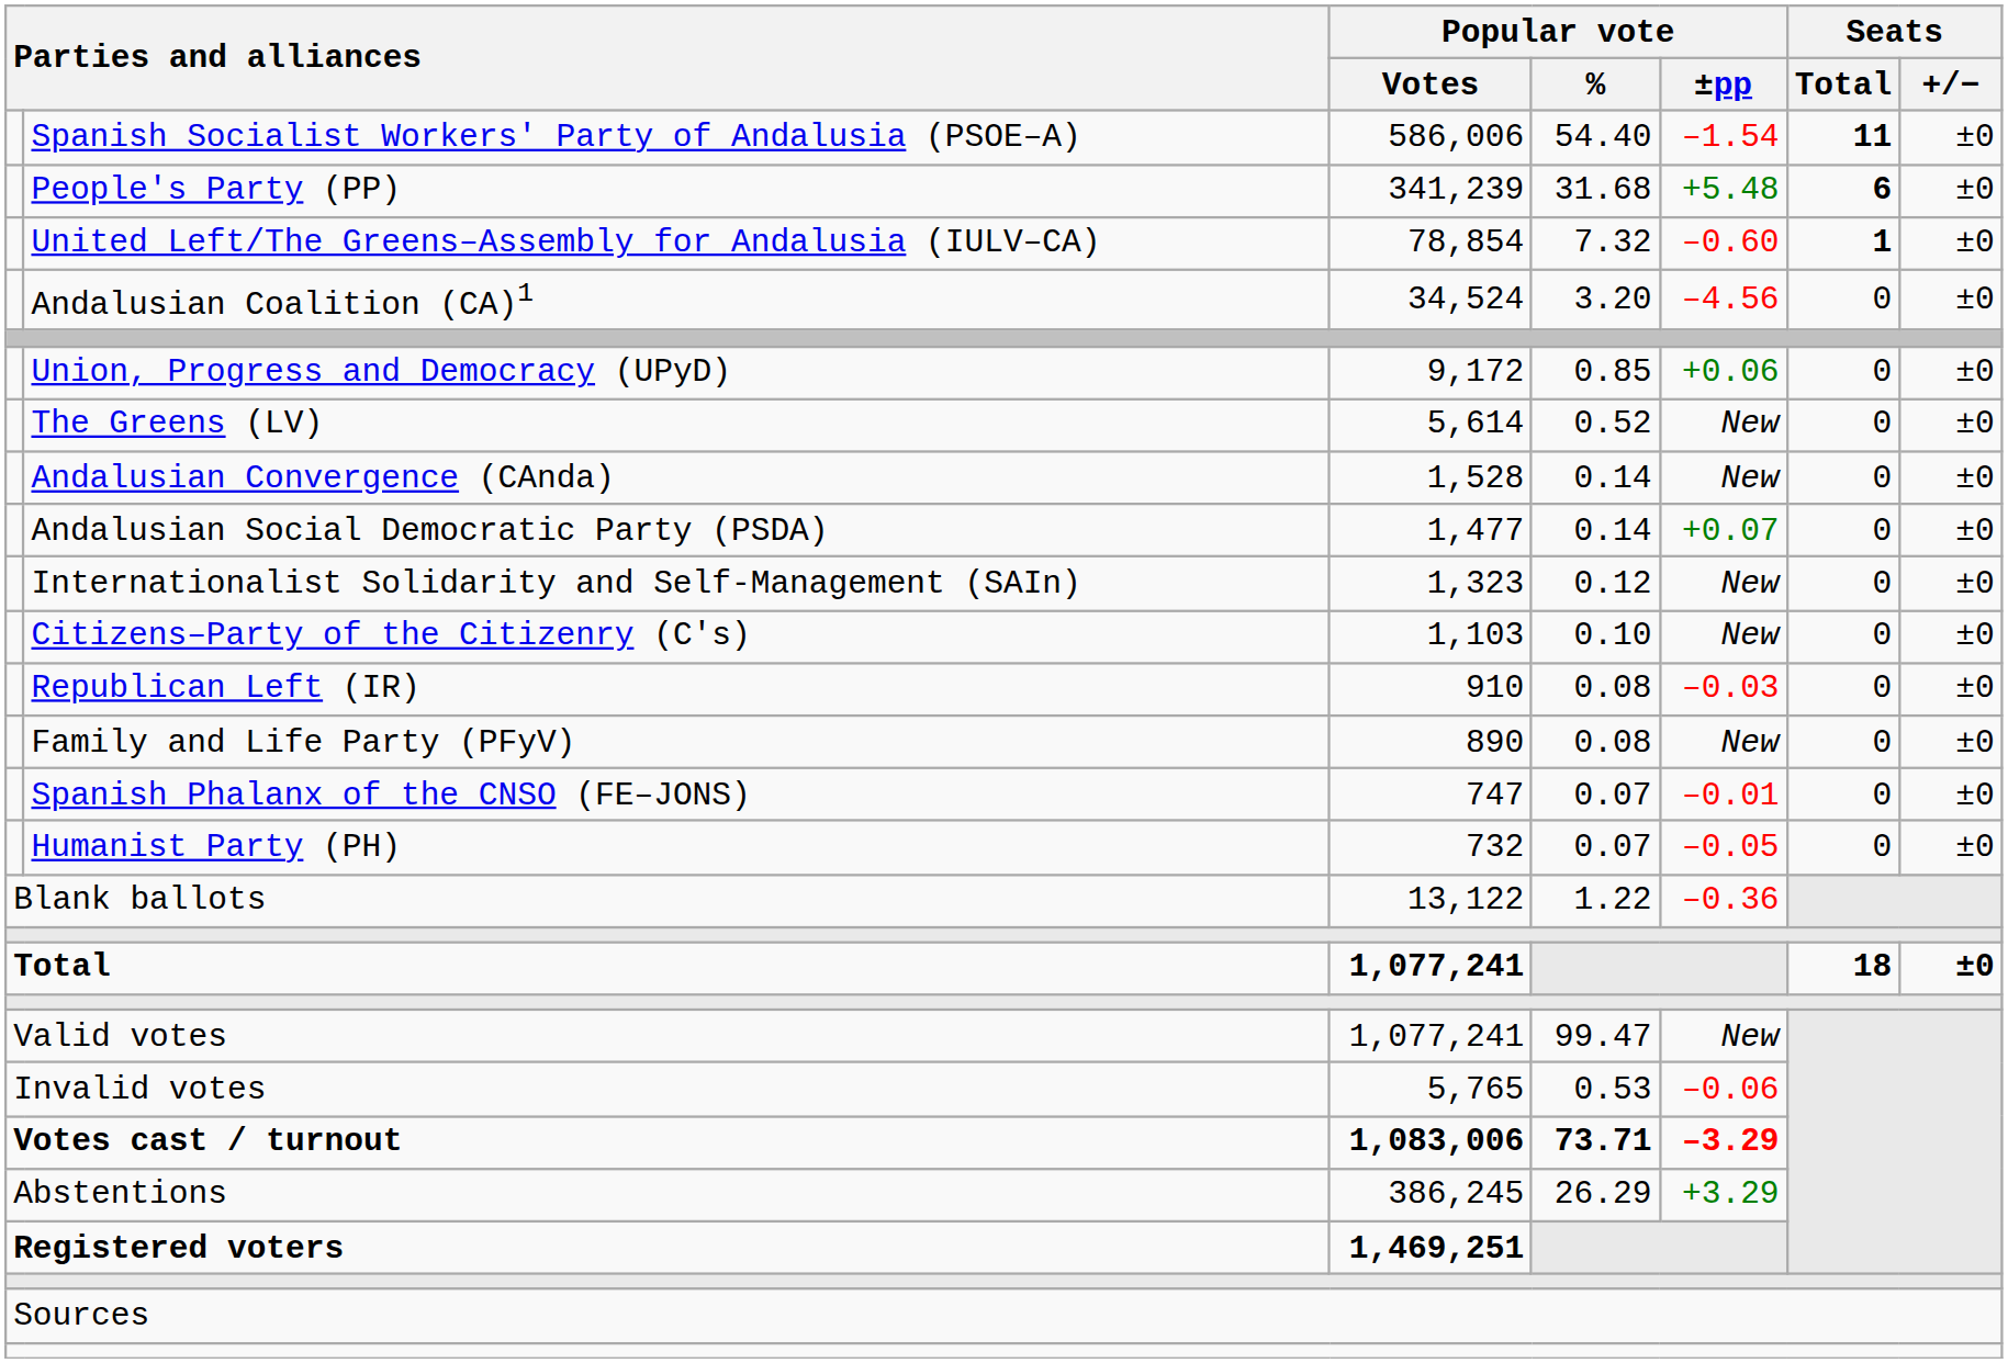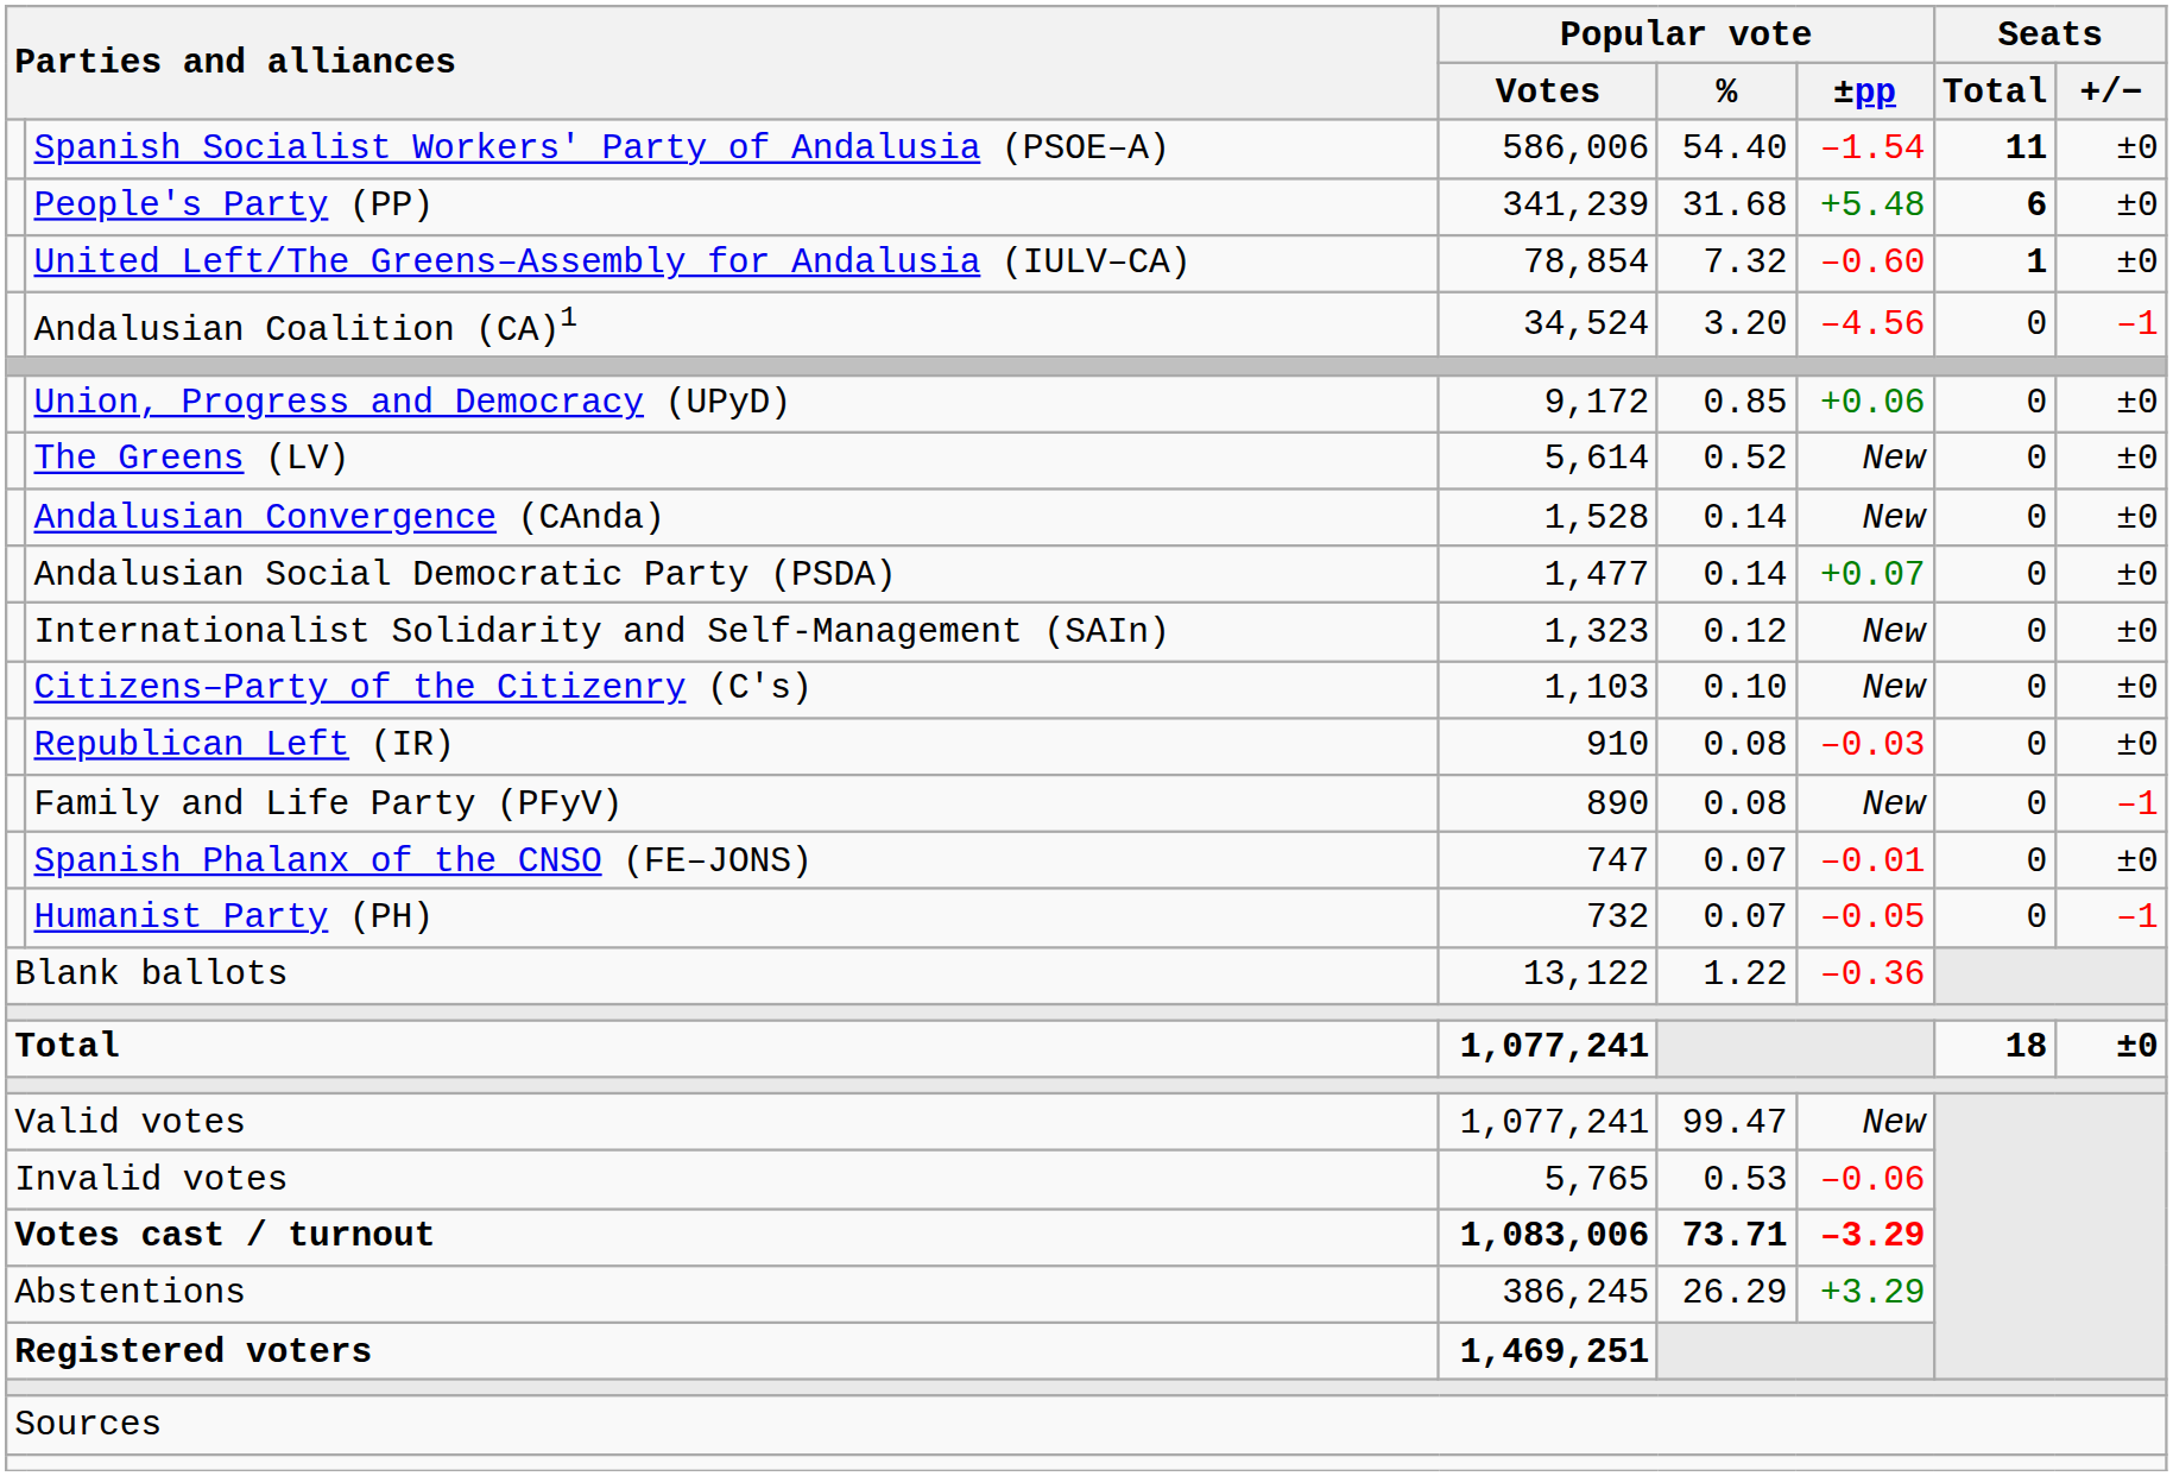 <table class="wikitable" style="text-align:right;">
 <tr>
 <th style="text-align:left;" rowspan="2" colspan="2" width="525">Parties and alliances</th>
 <th colspan="3">Popular vote</th>
 <th colspan="2">Seats</th>
 </tr>
 <tr>
 <th width="75">Votes</th>
 <th width="45">%</th>
 <th width="45">±<a href='#'>pp</a></th>
 <th width="35">Total</th>
 <th width="35">+/−</th>
 </tr>
 <tr>
 <td width="1" style="color:inherit;background:"></td>
 <td align="left"><a href='#'>Spanish Socialist Workers' Party of Andalusia</a> (PSOE–A)</td>
 <td>586,006</td>
 <td>54.40</td>
 <td style="color:red;">–1.54</td>
 <td><strong>11</strong></td>
 <td>±0</td>
 </tr>
 <tr>
 <td style="color:inherit;background:"></td>
 <td align="left"><a href='#'>People's Party</a> (PP)</td>
 <td>341,239</td>
 <td>31.68</td>
 <td style="color:green;">+5.48</td>
 <td><strong>6</strong></td>
 <td>±0</td>
 </tr>
 <tr>
 <td style="color:inherit;background:"></td>
 <td align="left"><a href='#'>United Left/The Greens–Assembly for Andalusia</a> (IULV–CA)</td>
 <td>78,854</td>
 <td>7.32</td>
 <td style="color:red;">–0.60</td>
 <td><strong>1</strong></td>
 <td>±0</td>
 </tr>
 <tr>
 <td style="color:inherit;background:"></td>
 <td align="left">Andalusian Coalition (CA)<sup>1</sup></td>
 <td>34,524</td>
 <td>3.20</td>
 <td style="color:red;">–4.56</td>
 <td>0</td>
-<td>±0</td>
+<td style="color:red;">–1</td>
 </tr>
 <tr>
 <td colspan="7" bgcolor="#C0C0C0"></td>
 </tr>
 <tr>
 <td style="color:inherit;background:"></td>
 <td align="left"><a href='#'>Union, Progress and Democracy</a> (UPyD)</td>
 <td>9,172</td>
 <td>0.85</td>
 <td style="color:green;">+0.06</td>
 <td>0</td>
 <td>±0</td>
 </tr>
 <tr>
 <td style="color:inherit;background:"></td>
 <td align="left"><a href='#'>The Greens</a> (LV)</td>
 <td>5,614</td>
 <td>0.52</td>
 <td><em>New</em></td>
 <td>0</td>
 <td>±0</td>
 </tr>
 <tr>
 <td style="color:inherit;background:"></td>
 <td align="left"><a href='#'>Andalusian Convergence</a> (CAnda)</td>
 <td>1,528</td>
 <td>0.14</td>
 <td><em>New</em></td>
 <td>0</td>
 <td>±0</td>
 </tr>
 <tr>
 <td style="color:inherit;background:"></td>
 <td align="left">Andalusian Social Democratic Party (PSDA)</td>
 <td>1,477</td>
 <td>0.14</td>
 <td style="color:green;">+0.07</td>
 <td>0</td>
 <td>±0</td>
 </tr>
 <tr>
 <td style="color:inherit;background:"></td>
 <td align="left">Internationalist Solidarity and Self-Management (SAIn)</td>
 <td>1,323</td>
 <td>0.12</td>
 <td><em>New</em></td>
 <td>0</td>
 <td>±0</td>
 </tr>
 <tr>
 <td style="color:inherit;background:"></td>
 <td align="left"><a href='#'>Citizens–Party of the Citizenry</a> (C's)</td>
 <td>1,103</td>
 <td>0.10</td>
 <td><em>New</em></td>
 <td>0</td>
 <td>±0</td>
 </tr>
 <tr>
 <td style="color:inherit;background:"></td>
 <td align="left"><a href='#'>Republican Left</a> (IR)</td>
 <td>910</td>
 <td>0.08</td>
 <td style="color:red;">–0.03</td>
 <td>0</td>
 <td>±0</td>
 </tr>
 <tr>
 <td style="color:inherit;background:"></td>
 <td align="left">Family and Life Party (PFyV)</td>
 <td>890</td>
 <td>0.08</td>
 <td><em>New</em></td>
 <td>0</td>
-<td>±0</td>
+<td style="color:red;">–1</td>
 </tr>
 <tr>
 <td style="color:inherit;background:"></td>
 <td align="left"><a href='#'>Spanish Phalanx of the CNSO</a> (FE–JONS)</td>
 <td>747</td>
 <td>0.07</td>
 <td style="color:red;">–0.01</td>
 <td>0</td>
 <td>±0</td>
 </tr>
 <tr>
 <td style="color:inherit;background:"></td>
 <td align="left"><a href='#'>Humanist Party</a> (PH)</td>
 <td>732</td>
 <td>0.07</td>
 <td style="color:red;">–0.05</td>
 <td>0</td>
-<td>±0</td>
+<td style="color:red;">–1</td>
 </tr>
 <tr>
 <td align="left" colspan="2">Blank ballots</td>
 <td>13,122</td>
 <td>1.22</td>
 <td style="color:red;">–0.36</td>
 <td bgcolor="#E9E9E9" colspan="2"></td>
 </tr>
 <tr>
 <td colspan="7" bgcolor="#E9E9E9"></td>
 </tr>
 <tr style="font-weight:bold;">
 <td align="left" colspan="2">Total</td>
 <td>1,077,241</td>
 <td bgcolor="#E9E9E9" colspan="2"></td>
 <td>18</td>
 <td>±0</td>
 </tr>
 <tr>
 <td colspan="7" bgcolor="#E9E9E9"></td>
 </tr>
 <tr>
 <td align="left" colspan="2">Valid votes</td>
 <td>1,077,241</td>
 <td>99.47</td>
 <td><em>New</em></td>
 <td bgcolor="#E9E9E9" colspan="2" rowspan="5"></td>
 </tr>
 <tr>
 <td align="left" colspan="2">Invalid votes</td>
 <td>5,765</td>
 <td>0.53</td>
 <td style="color:red;">–0.06</td>
 </tr>
 <tr style="font-weight:bold;">
 <td align="left" colspan="2">Votes cast / turnout</td>
 <td>1,083,006</td>
 <td>73.71</td>
 <td style="color:red;">–3.29</td>
 </tr>
 <tr>
 <td align="left" colspan="2">Abstentions</td>
 <td>386,245</td>
 <td>26.29</td>
 <td style="color:green;">+3.29</td>
 </tr>
 <tr style="font-weight:bold;">
 <td align="left" colspan="2">Registered voters</td>
 <td>1,469,251</td>
 <td bgcolor="#E9E9E9" colspan="2"></td>
 </tr>
 <tr>
 <td colspan="7" bgcolor="#E9E9E9"></td>
 </tr>
 <tr>
 <td align="left" colspan="7">Sources</td>
 </tr>
 <tr>
 <td colspan="7" style="text-align:left; max-width:790px;"></td>
 </tr>
 </table>
